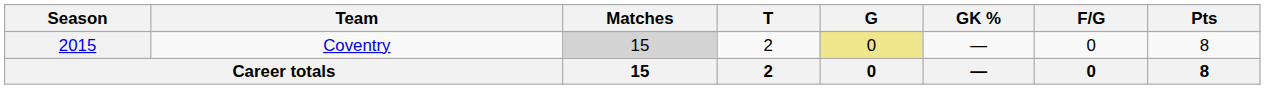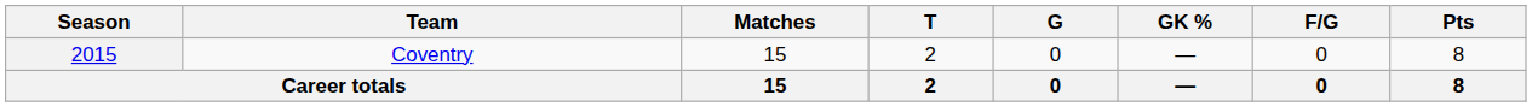 <table class="wikitable sortable"  style="font-size:90%; text-align:center; width:85%;">
 <tr>
 <th width=2%>Season</th>
 <th width=8%>Team</th>
 <th width=2%>Matches</th>
 <th width=2%>T</th>
 <th width=2%>G</th>
 <th width=2%>GK %</th>
 <th width=2%>F/G</th>
 <th width=2%>Pts</th>
 </tr>
 <tr>
 <th scope="row" style="text-align:center; font-weight:normal"><a href='#'>2015</a></th>
 <td style="text-align:center;"> <a href='#'>Coventry</a></td>
-<td style="background: lightgrey;">15</td>
+<td>15</td>
 <td>2</td>
-<td style="background: khaki;">0</td>
+<td>0</td>
 <td>—</td>
 <td>0</td>
 <td>8</td>
 </tr>
 <tr class="sortbottom">
 <th colspan=2>Career totals</th>
 <th>15</th>
 <th>2</th>
 <th>0</th>
 <th>—</th>
 <th>0</th>
 <th>8</th>
 </tr>
 </table>
